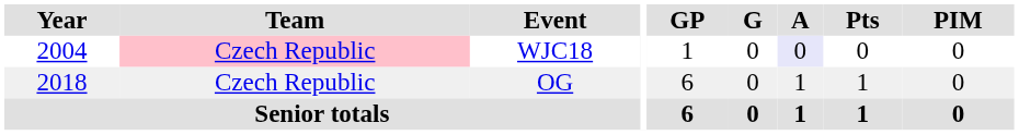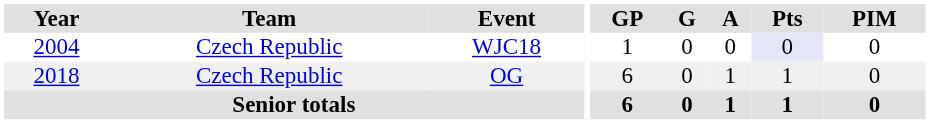 <table border="0" cellpadding="1" cellspacing="0" ID="Table3" style="text-align:center; width:40em">
 <tr ALIGN="center" bgcolor="#e0e0e0">
 <th>Year</th>
 <th>Team</th>
 <th>Event</th>
 <th rowspan="99" bgcolor="#ffffff"></th>
 <th>GP</th>
 <th>G</th>
 <th>A</th>
 <th>Pts</th>
 <th>PIM</th>
 </tr>
 <tr>
 <td><a href='#'>2004</a></td>
-<td style="background: pink;"><a href='#'>Czech Republic</a></td>
+<td><a href='#'>Czech Republic</a></td>
 <td><a href='#'>WJC18</a></td>
 <td>1</td>
 <td>0</td>
+<td>0</td>
 <td style="background: lavender;">0</td>
-<td>0</td>
 <td>0</td>
 </tr>
 <tr bgcolor="#f0f0f0">
 <td><a href='#'>2018</a></td>
 <td><a href='#'>Czech Republic</a></td>
 <td><a href='#'>OG</a></td>
 <td>6</td>
 <td>0</td>
 <td>1</td>
 <td>1</td>
 <td>0</td>
 </tr>
 <tr bgcolor="#e0e0e0">
 <th colspan="3">Senior totals</th>
 <th>6</th>
 <th>0</th>
 <th>1</th>
 <th>1</th>
 <th>0</th>
 </tr>
 </table>
